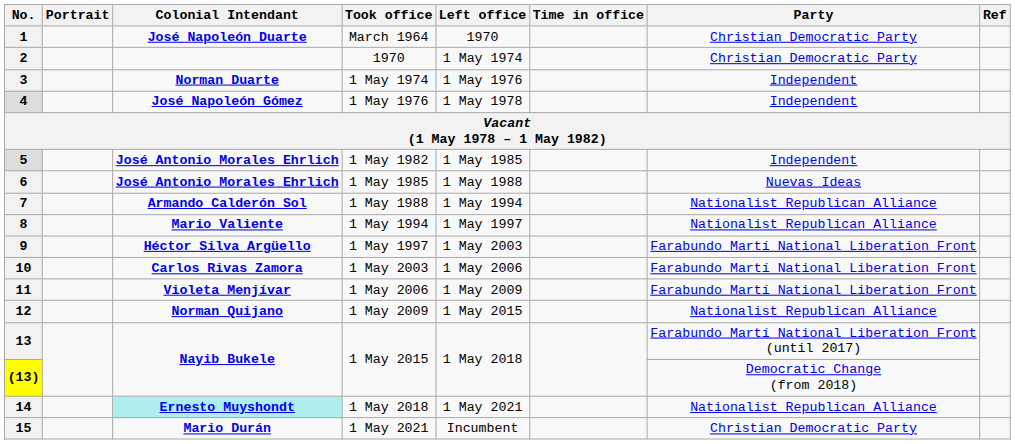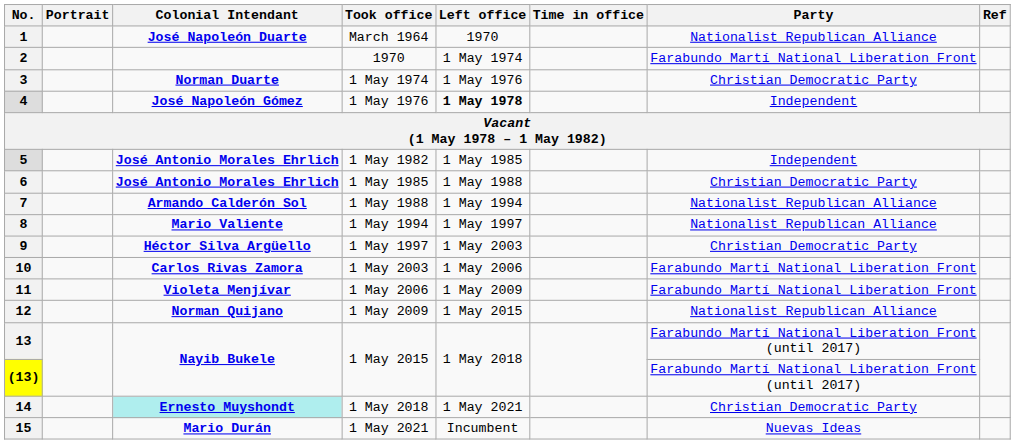 <table class="wikitable" style="text-align:center">
 <tr>
 <th>No.</th>
 <th>Portrait</th>
 <th>Colonial Intendant</th>
 <th>Took office</th>
 <th>Left office</th>
 <th>Time in office</th>
 <th>Party</th>
 <th>Ref</th>
 </tr>
 <tr>
 <th style="background:">1</th>
 <td></td>
 <td><strong><a href='#'>José Napoleón Duarte</a></strong><br></td>
 <td>March 1964</td>
 <td>1970</td>
 <td> </td>
-<td><a href='#'>Christian Democratic Party</a></td>
+<td><a href='#'>Nationalist Republican Alliance</a></td>
 <td></td>
 </tr>
 <tr>
 <th style="background:">2</th>
 <td></td>
 <td><strong></strong><br></td>
 <td>1970</td>
 <td>1 May 1974</td>
 <td> </td>
-<td><a href='#'>Christian Democratic Party</a></td>
+<td><a href='#'>Farabundo Martí National Liberation Front</a></td>
 <td></td>
 </tr>
 <tr>
 <th style="background:">3</th>
 <td></td>
 <td><strong><a href='#'>Norman Duarte</a></strong><br></td>
 <td>1 May 1974</td>
 <td>1 May 1976</td>
 <td></td>
-<td><a href='#'>Independent</a></td>
+<td><a href='#'>Christian Democratic Party</a></td>
 <td></td>
 </tr>
 <tr>
 <th style="background:#DDDDDD; color:black">4</th>
 <td></td>
 <td><strong><a href='#'>José Napoleón Gómez</a></strong><br></td>
 <td>1 May 1976</td>
-<td>1 May 1978</td>
+<td><strong>1 May 1978</strong></td>
 <td></td>
 <td><a href='#'>Independent</a></td>
 <td></td>
 </tr>
 <tr>
 <th colspan=8><em>Vacant</em><br>(1 May 1978 – 1 May 1982)</th>
 </tr>
 <tr>
 <th style="background:#DDDDDD; color:black">5</th>
 <td></td>
 <td><strong><a href='#'>José Antonio Morales Ehrlich</a></strong><br></td>
 <td>1 May 1982</td>
 <td>1 May 1985</td>
 <td></td>
 <td><a href='#'>Independent</a></td>
 <td></td>
 </tr>
 <tr>
 <th style="background:">6</th>
 <td></td>
 <td><strong><a href='#'>José Antonio Morales Ehrlich</a></strong><br></td>
 <td>1 May 1985</td>
 <td>1 May 1988</td>
 <td></td>
-<td><a href='#'>Nuevas Ideas</a></td>
+<td><a href='#'>Christian Democratic Party</a></td>
 <td></td>
 </tr>
 <tr>
 <th style="background:">7</th>
 <td></td>
 <td><strong><a href='#'>Armando Calderón Sol</a></strong><br></td>
 <td>1 May 1988</td>
 <td>1 May 1994</td>
 <td></td>
 <td><a href='#'>Nationalist Republican Alliance</a></td>
 <td></td>
 </tr>
 <tr>
 <th style="background:">8</th>
 <td></td>
 <td><strong><a href='#'>Mario Valiente</a></strong><br></td>
 <td>1 May 1994</td>
 <td>1 May 1997</td>
 <td></td>
 <td><a href='#'>Nationalist Republican Alliance</a></td>
 <td></td>
 </tr>
 <tr>
 <th style="background:">9</th>
 <td></td>
 <td><strong><a href='#'>Héctor Silva Argüello</a></strong><br></td>
 <td>1 May 1997</td>
 <td>1 May 2003</td>
 <td></td>
-<td><a href='#'>Farabundo Martí National Liberation Front</a></td>
+<td><a href='#'>Christian Democratic Party</a></td>
 <td></td>
 </tr>
 <tr>
 <th style="background:">10</th>
 <td></td>
 <td><strong><a href='#'>Carlos Rivas Zamora</a></strong><br></td>
 <td>1 May 2003</td>
 <td>1 May 2006</td>
 <td></td>
 <td><a href='#'>Farabundo Martí National Liberation Front</a></td>
 <td></td>
 </tr>
 <tr>
 <th style="background:">11</th>
 <td></td>
 <td><strong><a href='#'>Violeta Menjívar</a></strong><br></td>
 <td>1 May 2006</td>
 <td>1 May 2009</td>
 <td></td>
 <td><a href='#'>Farabundo Martí National Liberation Front</a></td>
 <td></td>
 </tr>
 <tr>
 <th style="background:">12</th>
 <td></td>
 <td><strong><a href='#'>Norman Quijano</a></strong><br></td>
 <td>1 May 2009</td>
 <td>1 May 2015</td>
 <td></td>
 <td><a href='#'>Nationalist Republican Alliance</a></td>
 <td></td>
 </tr>
 <tr>
 <th style="background:">13</th>
 <td rowspan=2></td>
 <td rowspan=2><strong><a href='#'>Nayib Bukele</a></strong><br></td>
 <td rowspan=2>1 May 2015</td>
 <td rowspan=2>1 May 2018</td>
 <td rowspan=2></td>
 <td><a href='#'>Farabundo Martí National Liberation Front</a><br>(until 2017)</td>
 <td rowspan=2></td>
 </tr>
 <tr>
 <th style="background:#FFFF00; color:black">(13)</th>
-<td><a href='#'>Democratic Change</a><br>(from 2018)</td>
+<td><a href='#'>Farabundo Martí National Liberation Front</a><br>(until 2017)</td>
 </tr>
 <tr>
 <th style="background:">14</th>
 <td></td>
 <td style="background: paleturquoise;"><strong><a href='#'>Ernesto Muyshondt</a></strong><br></td>
 <td>1 May 2018</td>
 <td>1 May 2021</td>
 <td></td>
-<td><a href='#'>Nationalist Republican Alliance</a></td>
+<td><a href='#'>Christian Democratic Party</a></td>
 <td></td>
 </tr>
 <tr>
 <th style="background:">15</th>
 <td></td>
 <td><strong><a href='#'>Mario Durán</a></strong><br></td>
 <td>1 May 2021</td>
 <td>Incumbent</td>
 <td></td>
-<td><a href='#'>Christian Democratic Party</a></td>
+<td><a href='#'>Nuevas Ideas</a></td>
 <td></td>
 </tr>
 </table>
